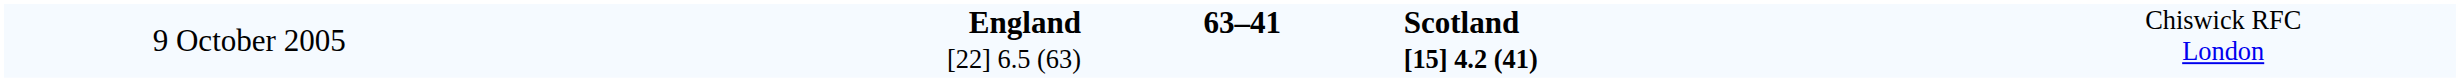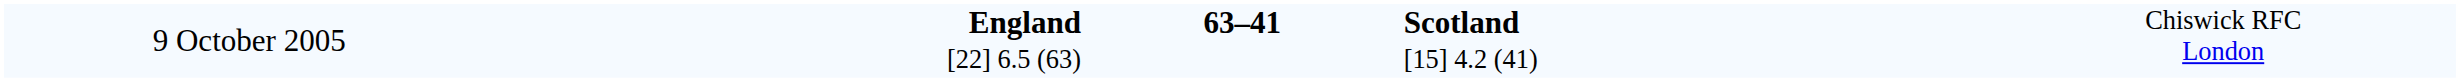 <table style="width: 100%; background:#F5FAFF;" cellspacing="0">
 <tr>
 <td align=center rowspan=3 width=20%>9 October 2005</td>
 </tr>
 <tr>
 <td width=24% align=right><strong>England</strong></td>
 <td align=center width=13%><strong>63–41</strong></td>
 <td width=24%><strong>Scotland</strong></td>
 <td style=font-size:85% rowspan=3 valign=top align=center>Chiswick RFC<br><a href='#'>London</a></td>
 </tr>
 <tr style=font-size:85%>
 <td align=right>[22] 6.5 (63)</td>
 <td></td>
-<td><strong>[15] 4.2 (41)</strong></td>
+<td>[15] 4.2 (41)</td>
 </tr>
 </table>
